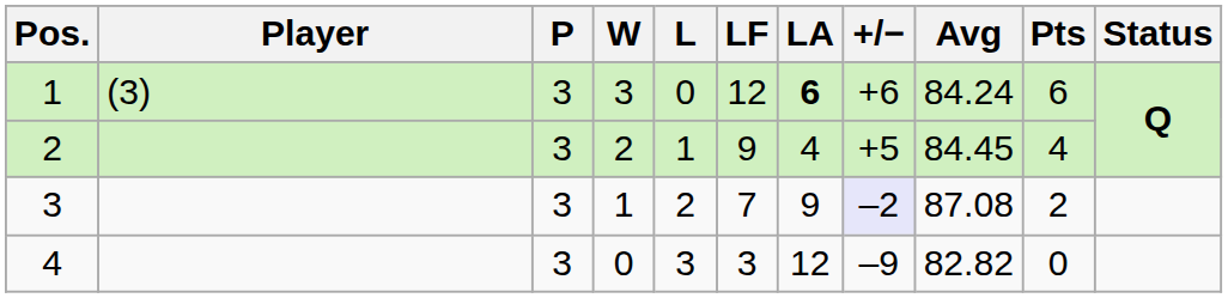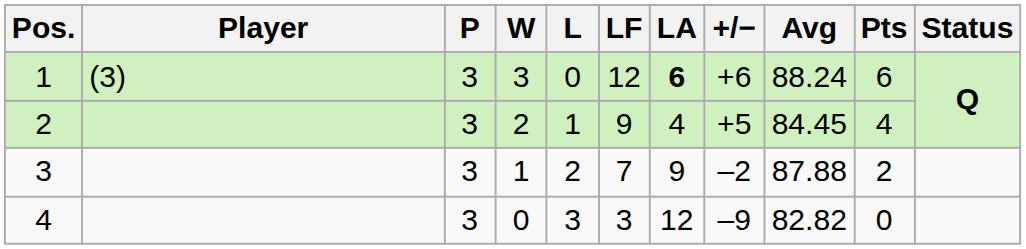 <table class="wikitable" style="text-align:center; margin: 1em auto 1em auto, align:left">
 <tr>
 <th width=20>Pos.</th>
 <th width=185>Player</th>
 <th width=20>P</th>
 <th width=20>W</th>
 <th width=20>L</th>
 <th width=20>LF</th>
 <th width=20>LA</th>
 <th width=25>+/−</th>
 <th width=30>Avg</th>
 <th width=20>Pts</th>
 <th width=40>Status</th>
 </tr>
 <tr style="background:#D0F0C0;">
 <td>1</td>
 <td align=left> (3)</td>
 <td>3</td>
 <td>3</td>
 <td>0</td>
 <td>12</td>
 <td><strong>6</strong></td>
 <td>+6</td>
-<td>84.24</td>
+<td>88.24</td>
 <td>6</td>
 <td rowspan=2><strong>Q</strong></td>
 </tr>
 <tr style="background:#D0F0C0;">
 <td>2</td>
 <td align=left></td>
 <td>3</td>
 <td>2</td>
 <td>1</td>
 <td>9</td>
 <td>4</td>
 <td>+5</td>
 <td>84.45</td>
 <td>4</td>
 </tr>
 <tr>
 <td>3</td>
 <td align=left></td>
 <td>3</td>
 <td>1</td>
 <td>2</td>
 <td>7</td>
 <td>9</td>
-<td style="background: lavender;">–2</td>
-<td>87.08</td>
+<td>–2</td>
+<td>87.88</td>
 <td>2</td>
 <td></td>
 </tr>
 <tr>
 <td>4</td>
 <td align=left></td>
 <td>3</td>
 <td>0</td>
 <td>3</td>
 <td>3</td>
 <td>12</td>
 <td>–9</td>
 <td>82.82</td>
 <td>0</td>
 <td></td>
 </tr>
 </table>
